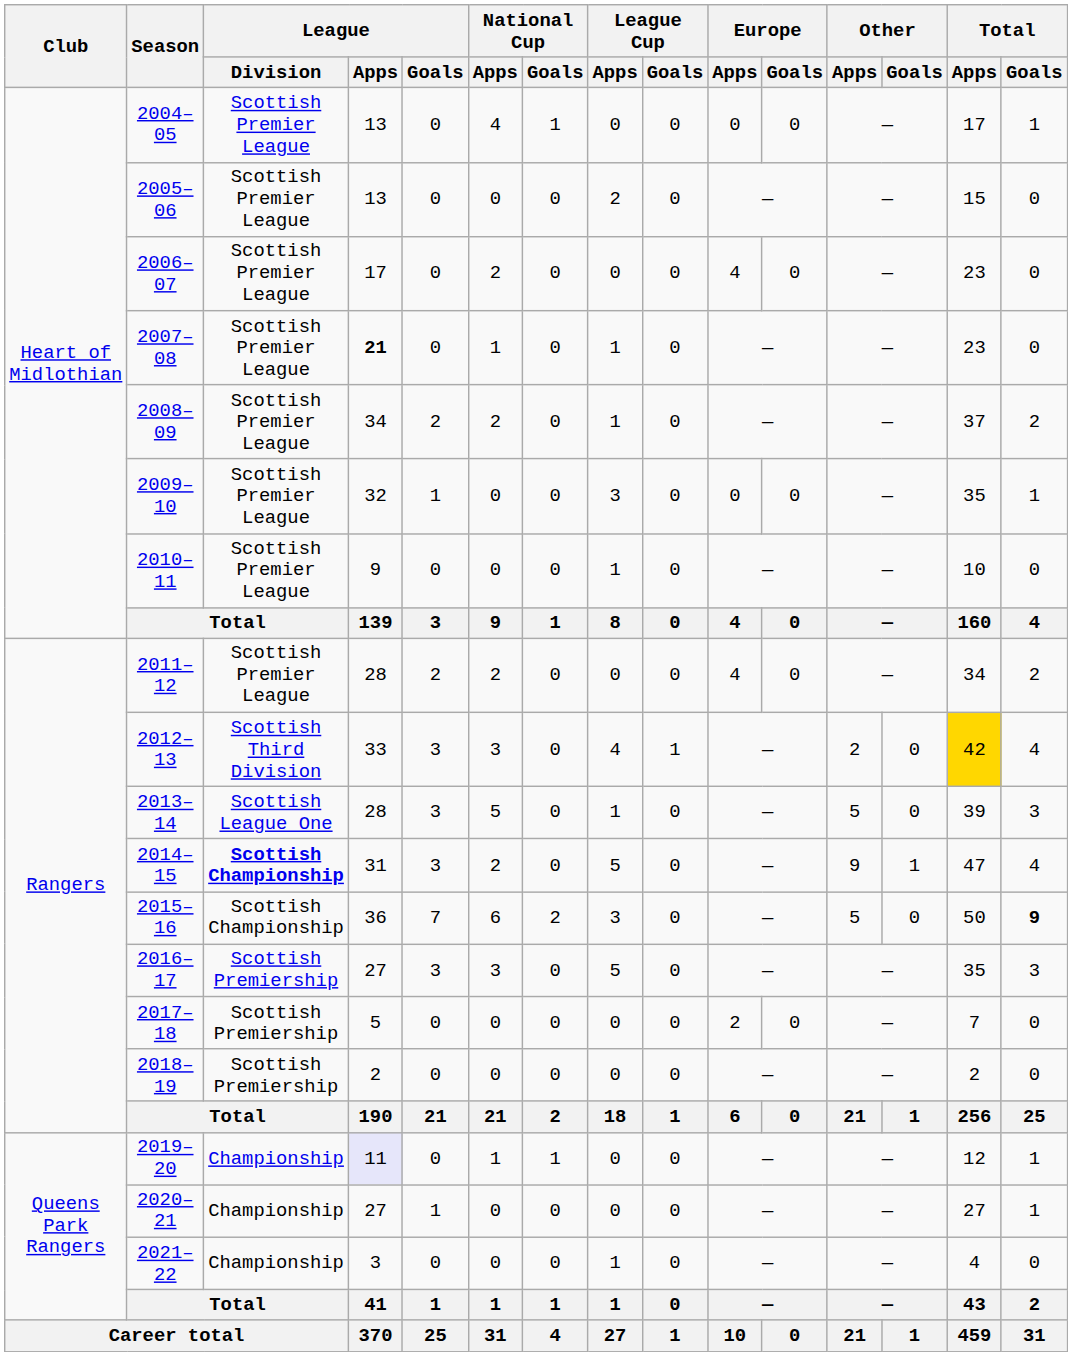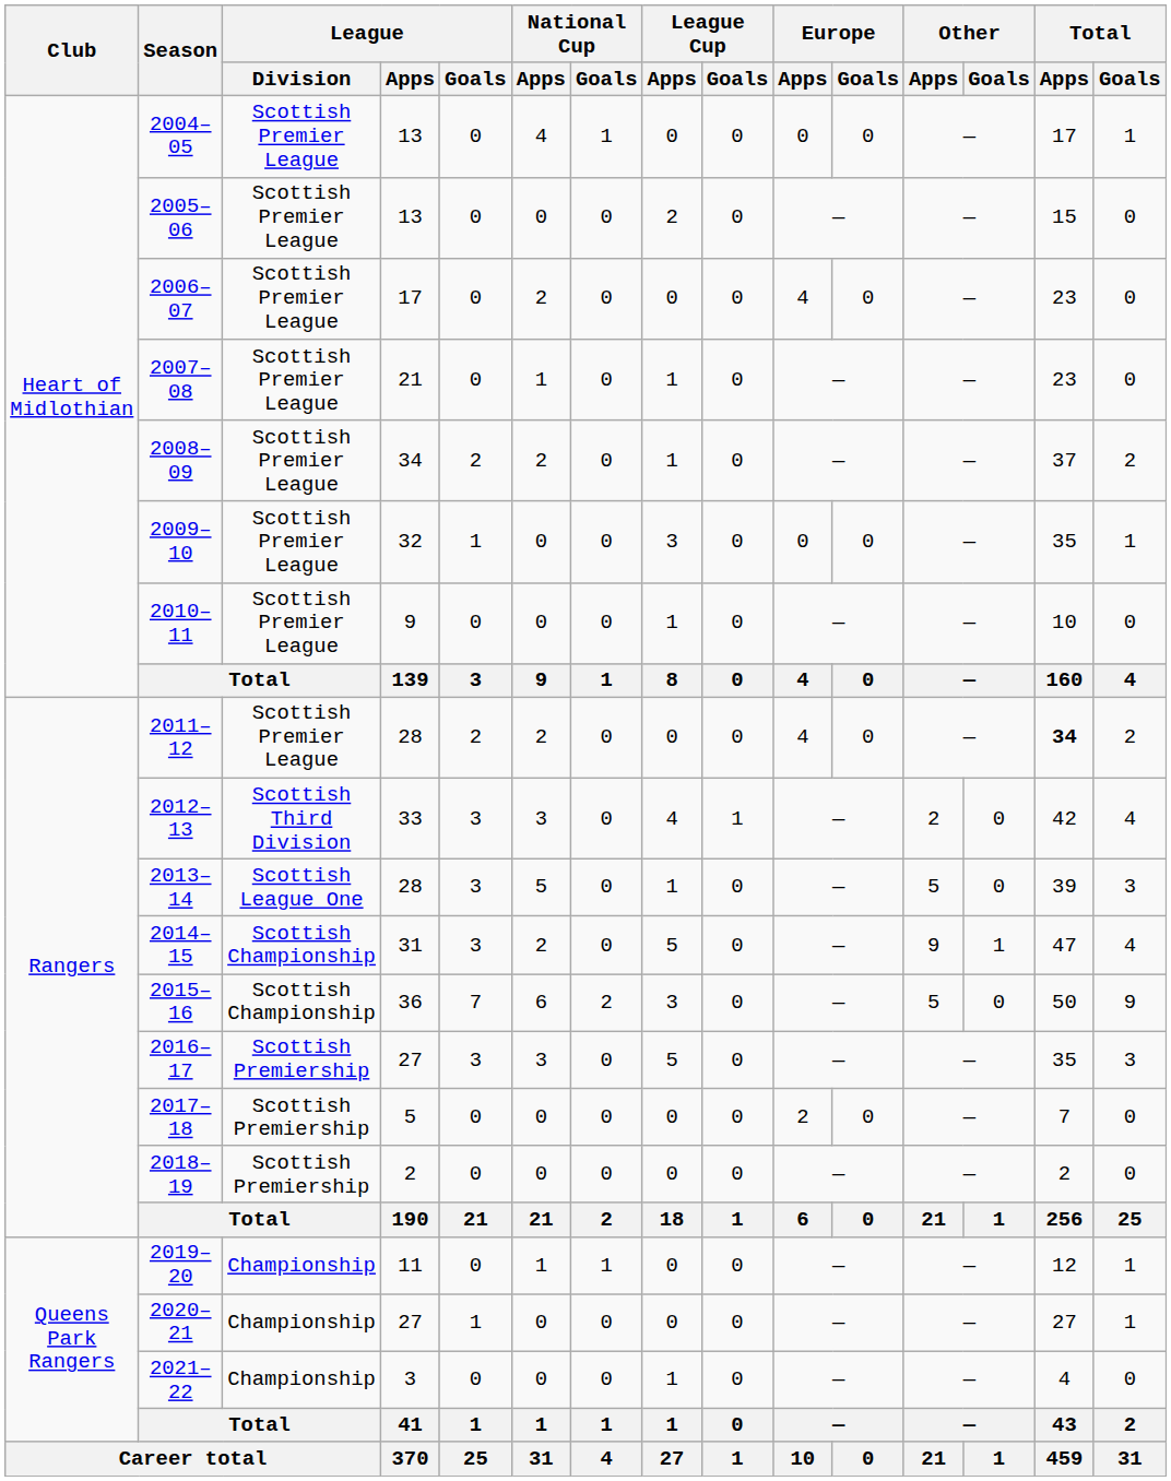 <table class="wikitable" style="text-align:center">
 <tr>
 <th rowspan=2>Club</th>
 <th rowspan=2>Season</th>
 <th colspan=3>League</th>
 <th colspan=2>National Cup</th>
 <th colspan=2>League Cup</th>
 <th colspan=2>Europe</th>
 <th colspan=2>Other</th>
 <th colspan=2>Total</th>
 </tr>
 <tr>
 <th>Division</th>
 <th>Apps</th>
 <th>Goals</th>
 <th>Apps</th>
 <th>Goals</th>
 <th>Apps</th>
 <th>Goals</th>
 <th>Apps</th>
 <th>Goals</th>
 <th>Apps</th>
 <th>Goals</th>
 <th>Apps</th>
 <th>Goals</th>
 </tr>
 <tr>
 <td rowspan="8"><a href='#'>Heart of Midlothian</a></td>
 <td><a href='#'>2004–05</a></td>
 <td><a href='#'>Scottish Premier League</a></td>
 <td>13</td>
 <td>0</td>
 <td>4</td>
 <td>1</td>
 <td>0</td>
 <td>0</td>
 <td>0</td>
 <td>0</td>
 <td colspan="2">—</td>
 <td>17</td>
 <td>1</td>
 </tr>
 <tr>
 <td><a href='#'>2005–06</a></td>
 <td>Scottish Premier League</td>
 <td>13</td>
 <td>0</td>
 <td>0</td>
 <td>0</td>
 <td>2</td>
 <td>0</td>
 <td colspan=2>—</td>
 <td colspan=2>—</td>
 <td>15</td>
 <td>0</td>
 </tr>
 <tr>
 <td><a href='#'>2006–07</a></td>
 <td>Scottish Premier League</td>
 <td>17</td>
 <td>0</td>
 <td>2</td>
 <td>0</td>
 <td>0</td>
 <td>0</td>
 <td>4</td>
 <td>0</td>
 <td colspan=2>—</td>
 <td>23</td>
 <td>0</td>
 </tr>
 <tr>
 <td><a href='#'>2007–08</a></td>
 <td>Scottish Premier League</td>
-<td><strong>21</strong></td>
+<td>21</td>
 <td>0</td>
 <td>1</td>
 <td>0</td>
 <td>1</td>
 <td>0</td>
 <td colspan=2>—</td>
 <td colspan=2>—</td>
 <td>23</td>
 <td>0</td>
 </tr>
 <tr>
 <td><a href='#'>2008–09</a></td>
 <td>Scottish Premier League</td>
 <td>34</td>
 <td>2</td>
 <td>2</td>
 <td>0</td>
 <td>1</td>
 <td>0</td>
 <td colspan=2>—</td>
 <td colspan=2>—</td>
 <td>37</td>
 <td>2</td>
 </tr>
 <tr>
 <td><a href='#'>2009–10</a></td>
 <td>Scottish Premier League</td>
 <td>32</td>
 <td>1</td>
 <td>0</td>
 <td>0</td>
 <td>3</td>
 <td>0</td>
 <td>0</td>
 <td>0</td>
 <td colspan=2>—</td>
 <td>35</td>
 <td>1</td>
 </tr>
 <tr>
 <td><a href='#'>2010–11</a></td>
 <td>Scottish Premier League</td>
 <td>9</td>
 <td>0</td>
 <td>0</td>
 <td>0</td>
 <td>1</td>
 <td>0</td>
 <td colspan=2>—</td>
 <td colspan=2>—</td>
 <td>10</td>
 <td>0</td>
 </tr>
 <tr>
 <th colspan=2>Total</th>
 <th>139</th>
 <th>3</th>
 <th>9</th>
 <th>1</th>
 <th>8</th>
 <th>0</th>
 <th>4</th>
 <th>0</th>
 <th colspan=2>—</th>
 <th>160</th>
 <th>4</th>
 </tr>
 <tr>
 <td rowspan=9><a href='#'>Rangers</a></td>
 <td><a href='#'>2011–12</a></td>
 <td>Scottish Premier League</td>
 <td>28</td>
 <td>2</td>
 <td>2</td>
 <td>0</td>
 <td>0</td>
 <td>0</td>
 <td>4</td>
 <td>0</td>
 <td colspan=2>—</td>
-<td>34</td>
+<td><strong>34</strong></td>
 <td>2</td>
 </tr>
 <tr>
 <td><a href='#'>2012–13</a></td>
 <td><a href='#'>Scottish Third Division</a></td>
 <td>33</td>
 <td>3</td>
 <td>3</td>
 <td>0</td>
 <td>4</td>
 <td>1</td>
 <td colspan=2>—</td>
 <td>2</td>
 <td>0</td>
-<td style="background: gold;">42</td>
+<td>42</td>
 <td>4</td>
 </tr>
 <tr>
 <td><a href='#'>2013–14</a></td>
 <td><a href='#'>Scottish League One</a></td>
 <td>28</td>
 <td>3</td>
 <td>5</td>
 <td>0</td>
 <td>1</td>
 <td>0</td>
 <td colspan=2>—</td>
 <td>5</td>
 <td>0</td>
 <td>39</td>
 <td>3</td>
 </tr>
 <tr>
 <td><a href='#'>2014–15</a></td>
-<td><strong><a href='#'>Scottish Championship</a></strong></td>
+<td><a href='#'>Scottish Championship</a></td>
 <td>31</td>
 <td>3</td>
 <td>2</td>
 <td>0</td>
 <td>5</td>
 <td>0</td>
 <td colspan=2>—</td>
 <td>9</td>
 <td>1</td>
 <td>47</td>
 <td>4</td>
 </tr>
 <tr>
 <td><a href='#'>2015–16</a></td>
 <td>Scottish Championship</td>
 <td>36</td>
 <td>7</td>
 <td>6</td>
 <td>2</td>
 <td>3</td>
 <td>0</td>
 <td colspan=2>—</td>
 <td>5</td>
 <td>0</td>
 <td>50</td>
-<td><strong>9</strong></td>
+<td>9</td>
 </tr>
 <tr>
 <td><a href='#'>2016–17</a></td>
 <td><a href='#'>Scottish Premiership</a></td>
 <td>27</td>
 <td>3</td>
 <td>3</td>
 <td>0</td>
 <td>5</td>
 <td>0</td>
 <td colspan=2>—</td>
 <td colspan=2>—</td>
 <td>35</td>
 <td>3</td>
 </tr>
 <tr>
 <td><a href='#'>2017–18</a></td>
 <td>Scottish Premiership</td>
 <td>5</td>
 <td>0</td>
 <td>0</td>
 <td>0</td>
 <td>0</td>
 <td>0</td>
 <td>2</td>
 <td>0</td>
 <td colspan=2>—</td>
 <td>7</td>
 <td>0</td>
 </tr>
 <tr>
 <td><a href='#'>2018–19</a></td>
 <td>Scottish Premiership</td>
 <td>2</td>
 <td>0</td>
 <td>0</td>
 <td>0</td>
 <td>0</td>
 <td>0</td>
 <td colspan=2>—</td>
 <td colspan=2>—</td>
 <td>2</td>
 <td>0</td>
 </tr>
 <tr>
 <th colspan=2>Total</th>
 <th>190</th>
 <th>21</th>
 <th>21</th>
 <th>2</th>
 <th>18</th>
 <th>1</th>
 <th>6</th>
 <th>0</th>
 <th>21</th>
 <th>1</th>
 <th>256</th>
 <th>25</th>
 </tr>
 <tr>
 <td rowspan="4"><a href='#'>Queens Park Rangers</a></td>
 <td><a href='#'>2019–20</a></td>
 <td><a href='#'>Championship</a></td>
-<td style="background: lavender;">11</td>
+<td>11</td>
 <td>0</td>
 <td>1</td>
 <td>1</td>
 <td>0</td>
 <td>0</td>
 <td colspan=2>—</td>
 <td colspan=2>—</td>
 <td>12</td>
 <td>1</td>
 </tr>
 <tr>
 <td><a href='#'>2020–21</a></td>
 <td>Championship</td>
 <td>27</td>
 <td>1</td>
 <td>0</td>
 <td>0</td>
 <td>0</td>
 <td>0</td>
 <td colspan=2>—</td>
 <td colspan=2>—</td>
 <td>27</td>
 <td>1</td>
 </tr>
 <tr>
 <td><a href='#'>2021–22</a></td>
 <td>Championship</td>
 <td>3</td>
 <td>0</td>
 <td>0</td>
 <td>0</td>
 <td>1</td>
 <td>0</td>
 <td colspan=2>—</td>
 <td colspan=2>—</td>
 <td>4</td>
 <td>0</td>
 </tr>
 <tr>
 <th colspan="2">Total</th>
 <th>41</th>
 <th>1</th>
 <th>1</th>
 <th>1</th>
 <th>1</th>
 <th>0</th>
 <th colspan=2>—</th>
 <th colspan=2>—</th>
 <th>43</th>
 <th>2</th>
 </tr>
 <tr>
 <th colspan="3">Career total</th>
 <th>370</th>
 <th>25</th>
 <th>31</th>
 <th>4</th>
 <th>27</th>
 <th>1</th>
 <th>10</th>
 <th>0</th>
 <th>21</th>
 <th>1</th>
 <th>459</th>
 <th>31</th>
 </tr>
 </table>
